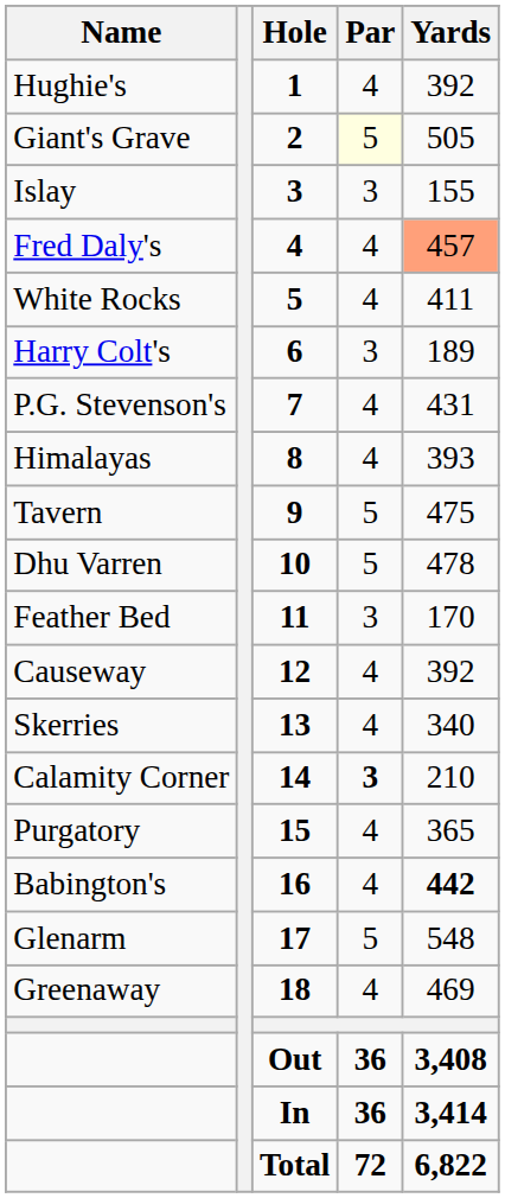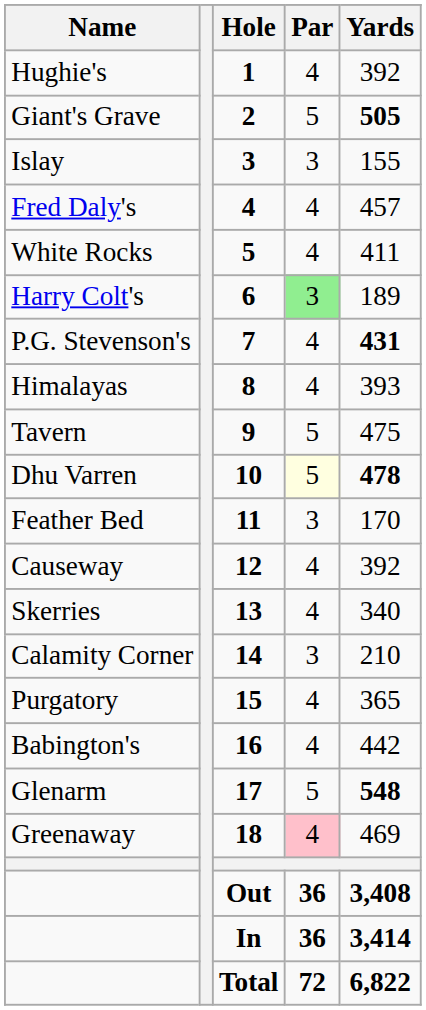 <table class="wikitable" style="font-size:90%;text-align:center">
 <tr>
 <th>Name</th>
 <th rowspan="23"></th>
 <th>Hole</th>
 <th>Par</th>
 <th>Yards</th>
 </tr>
 <tr>
 <td align="left">Hughie's</td>
 <td><strong>1</strong></td>
 <td>4</td>
 <td>392</td>
 </tr>
 <tr>
 <td align="left">Giant's Grave</td>
 <td><strong>2</strong></td>
-<td style="background: lightyellow;">5</td>
-<td>505</td>
+<td>5</td>
+<td><strong>505</strong></td>
 </tr>
 <tr>
 <td align="left">Islay</td>
 <td><strong>3</strong></td>
 <td>3</td>
 <td>155</td>
 </tr>
 <tr>
 <td align="left"><a href='#'>Fred Daly</a>'s</td>
 <td><strong>4</strong></td>
 <td>4</td>
-<td style="background: lightsalmon;">457</td>
+<td>457</td>
 </tr>
 <tr>
 <td align="left">White Rocks</td>
 <td><strong>5</strong></td>
 <td>4</td>
 <td>411</td>
 </tr>
 <tr>
 <td align="left"><a href='#'>Harry Colt</a>'s</td>
 <td><strong>6</strong></td>
-<td>3</td>
+<td style="background: lightgreen;">3</td>
 <td>189</td>
 </tr>
 <tr>
 <td align="left">P.G. Stevenson's</td>
 <td><strong>7</strong></td>
 <td>4</td>
-<td>431</td>
+<td><strong>431</strong></td>
 </tr>
 <tr>
 <td align="left">Himalayas</td>
 <td><strong>8</strong></td>
 <td>4</td>
 <td>393</td>
 </tr>
 <tr>
 <td align="left">Tavern</td>
 <td><strong>9</strong></td>
 <td>5</td>
 <td>475</td>
 </tr>
 <tr>
 <td align="left">Dhu Varren</td>
 <td><strong>10</strong></td>
-<td>5</td>
-<td>478</td>
+<td style="background: lightyellow;">5</td>
+<td><strong>478</strong></td>
 </tr>
 <tr>
 <td align="left">Feather Bed</td>
 <td><strong>11</strong></td>
 <td>3</td>
 <td>170</td>
 </tr>
 <tr>
 <td align="left">Causeway</td>
 <td><strong>12</strong></td>
 <td>4</td>
 <td>392</td>
 </tr>
 <tr>
 <td align="left">Skerries</td>
 <td><strong>13</strong></td>
 <td>4</td>
 <td>340</td>
 </tr>
 <tr>
 <td align="left">Calamity Corner</td>
 <td><strong>14</strong></td>
-<td><strong>3</strong></td>
+<td>3</td>
 <td>210</td>
 </tr>
 <tr>
 <td align="left">Purgatory</td>
 <td><strong>15</strong></td>
 <td>4</td>
 <td>365</td>
 </tr>
 <tr>
 <td align="left">Babington's</td>
 <td><strong>16</strong></td>
 <td>4</td>
-<td><strong>442</strong></td>
+<td>442</td>
 </tr>
 <tr>
 <td align="left">Glenarm</td>
 <td><strong>17</strong></td>
 <td>5</td>
-<td>548</td>
+<td><strong>548</strong></td>
 </tr>
 <tr>
 <td align="left">Greenaway</td>
 <td><strong>18</strong></td>
-<td>4</td>
+<td style="background: pink;">4</td>
 <td>469</td>
 </tr>
 <tr>
 <th></th>
 <th colspan="3"></th>
 </tr>
 <tr>
 <td></td>
 <td><strong>Out</strong></td>
 <td><strong>36</strong></td>
 <td><strong>3,408</strong></td>
 </tr>
 <tr>
 <td></td>
 <td><strong>In</strong></td>
 <td><strong>36</strong></td>
 <td><strong>3,414</strong></td>
 </tr>
 <tr>
 <td></td>
 <td><strong>Total</strong></td>
 <td><strong>72</strong></td>
 <td><strong>6,822</strong></td>
 </tr>
 </table>
